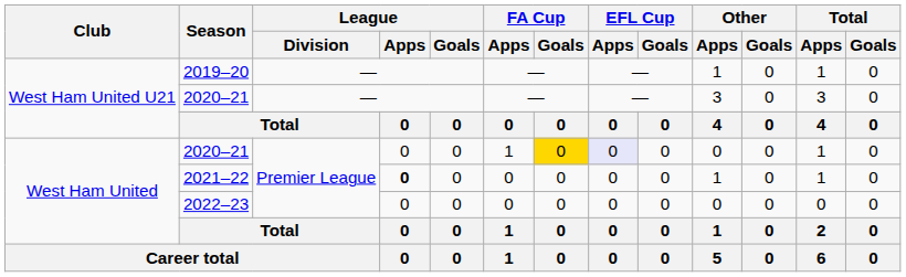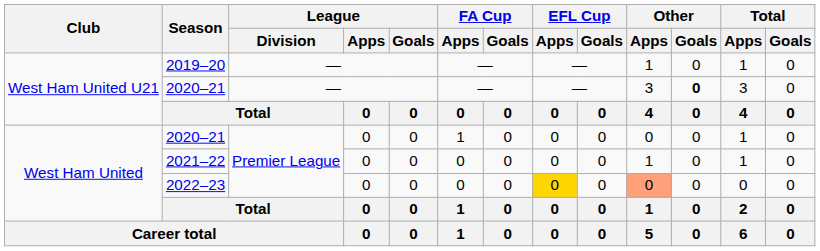 <table class="wikitable" style="text-align:center">
 <tr>
 <th rowspan="2">Club</th>
 <th rowspan="2">Season</th>
 <th colspan="3">League</th>
 <th colspan="2"><a href='#'>FA Cup</a></th>
 <th colspan="2"><a href='#'>EFL Cup</a></th>
 <th colspan="2">Other</th>
 <th colspan="2">Total</th>
 </tr>
 <tr>
 <th>Division</th>
 <th>Apps</th>
 <th>Goals</th>
 <th>Apps</th>
 <th>Goals</th>
 <th>Apps</th>
 <th>Goals</th>
 <th>Apps</th>
 <th>Goals</th>
 <th>Apps</th>
 <th>Goals</th>
 </tr>
 <tr>
 <td rowspan="3"><a href='#'>West Ham United U21</a></td>
 <td><a href='#'>2019–20</a></td>
 <td colspan="3">—</td>
 <td colspan="2">—</td>
 <td colspan="2">—</td>
 <td>1</td>
 <td>0</td>
 <td>1</td>
 <td>0</td>
 </tr>
 <tr>
 <td><a href='#'>2020–21</a></td>
 <td colspan="3">—</td>
 <td colspan="2">—</td>
 <td colspan="2">—</td>
 <td>3</td>
-<td>0</td>
+<td><strong>0</strong></td>
 <td>3</td>
 <td>0</td>
 </tr>
 <tr>
 <th colspan="2">Total</th>
 <th>0</th>
 <th>0</th>
 <th>0</th>
 <th>0</th>
 <th>0</th>
 <th>0</th>
 <th>4</th>
 <th>0</th>
 <th>4</th>
 <th>0</th>
 </tr>
 <tr>
 <td rowspan="4"><a href='#'>West Ham United</a></td>
 <td><a href='#'>2020–21</a></td>
 <td rowspan="3"><a href='#'>Premier League</a></td>
 <td>0</td>
 <td>0</td>
 <td>1</td>
-<td style="background: gold;">0</td>
-<td style="background: lavender;">0</td>
+<td>0</td>
+<td>0</td>
 <td>0</td>
 <td>0</td>
 <td>0</td>
 <td>1</td>
 <td>0</td>
 </tr>
 <tr>
 <td><a href='#'>2021–22</a></td>
-<td><strong>0</strong></td>
+<td>0</td>
 <td>0</td>
 <td>0</td>
 <td>0</td>
 <td>0</td>
 <td>0</td>
 <td>1</td>
 <td>0</td>
 <td>1</td>
 <td>0</td>
 </tr>
 <tr>
 <td><a href='#'>2022–23</a></td>
 <td>0</td>
 <td>0</td>
 <td>0</td>
 <td>0</td>
+<td style="background: gold;">0</td>
 <td>0</td>
-<td>0</td>
-<td>0</td>
+<td style="background: lightsalmon;">0</td>
 <td>0</td>
 <td>0</td>
 <td>0</td>
 </tr>
 <tr>
 <th colspan="2">Total</th>
 <th>0</th>
 <th>0</th>
 <th>1</th>
 <th>0</th>
 <th>0</th>
 <th>0</th>
 <th>1</th>
 <th>0</th>
 <th>2</th>
 <th>0</th>
 </tr>
 <tr>
 <th colspan="3">Career total</th>
 <th>0</th>
 <th>0</th>
 <th>1</th>
 <th>0</th>
 <th>0</th>
 <th>0</th>
 <th>5</th>
 <th>0</th>
 <th>6</th>
 <th>0</th>
 </tr>
 </table>
